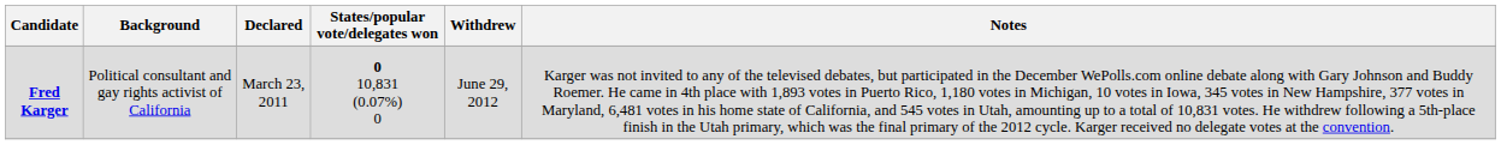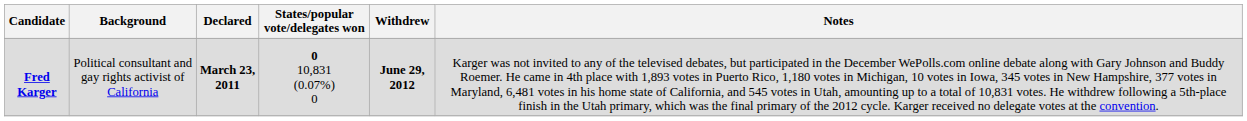 <table class=wikitable style="text-align:center">
 <tr>
 <th>Candidate</th>
 <th>Background</th>
 <th>Declared</th>
 <th>States/popular vote/delegates won</th>
 <th>Withdrew</th>
 <th>Notes</th>
 </tr>
 <tr>
 </tr>
 <tr style="background: #DDDDDD">
 <td><br><strong><a href='#'>Fred Karger</a></strong></td>
 <td>Political consultant and gay rights activist of <a href='#'>California</a></td>
-<td>March 23, 2011</td>
+<td><strong>March 23, 2011</strong></td>
 <td><strong>0</strong><br>10,831<br>(0.07%)<br>0</td>
-<td>June 29, 2012</td>
+<td><strong>June 29, 2012</strong></td>
 <td><br> Karger was not invited to any of the televised debates, but participated in the December WePolls.com online debate along with Gary Johnson and Buddy Roemer. He came in 4th place with 1,893 votes in Puerto Rico, 1,180 votes in Michigan, 10 votes in Iowa, 345 votes in New Hampshire, 377 votes in Maryland, 6,481 votes in his home state of California, and 545 votes in Utah, amounting up to a total of 10,831 votes. He withdrew following a 5th-place finish in the Utah primary, which was the final primary of the 2012 cycle. Karger received no delegate votes at the <a href='#'>convention</a>.</td>
 </tr>
 <tr>
 </tr>
 </table>
